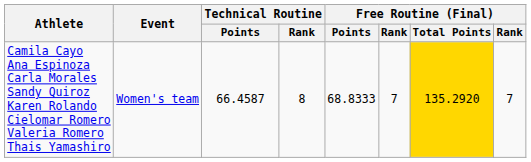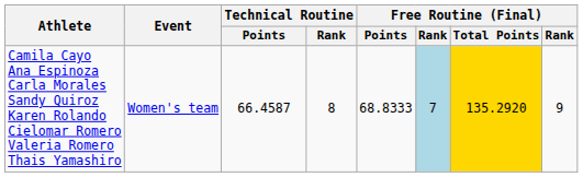 <table class=wikitable style="font-size:90%">
 <tr>
 <th rowspan="2">Athlete</th>
 <th rowspan="2">Event</th>
 <th colspan="2">Technical Routine</th>
 <th colspan="4">Free Routine (Final)</th>
 </tr>
 <tr style="font-size:95%">
 <th>Points</th>
 <th>Rank</th>
 <th>Points</th>
 <th>Rank</th>
 <th>Total Points</th>
 <th>Rank</th>
 </tr>
 <tr align=center>
 <td align=left><a href='#'>Camila Cayo</a><br><a href='#'>Ana Espinoza</a><br><a href='#'>Carla Morales</a> <br><a href='#'>Sandy Quiroz</a><br><a href='#'>Karen Rolando</a> <br> <a href='#'>Cielomar Romero</a><br><a href='#'>Valeria Romero</a><br><a href='#'>Thais Yamashiro</a></td>
 <td align=left><a href='#'>Women's team</a></td>
 <td>66.4587</td>
 <td>8</td>
 <td>68.8333</td>
-<td>7</td>
+<td style="background: lightblue;">7</td>
 <td style="background: gold;">135.2920</td>
-<td>7</td>
+<td>9</td>
 </tr>
 </table>
